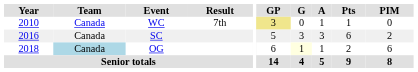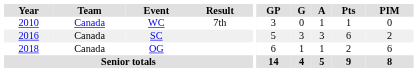 <table border="0" cellpadding="1" cellspacing="0" ID="Table3" style="text-align:center; width:40em">
 <tr ALIGN="center" bgcolor="#e0e0e0">
 <th>Year</th>
 <th>Team</th>
 <th>Event</th>
 <th>Result</th>
 <th rowspan="99" bgcolor="#ffffff"></th>
 <th>GP</th>
 <th>G</th>
 <th>A</th>
 <th>Pts</th>
 <th>PIM</th>
 </tr>
 <tr>
 <td><a href='#'>2010</a></td>
 <td><a href='#'>Canada</a></td>
 <td><a href='#'>WC</a></td>
 <td>7th</td>
-<td style="background: khaki;">3</td>
+<td>3</td>
 <td>0</td>
 <td>1</td>
 <td>1</td>
 <td>0</td>
 </tr>
 <tr bgcolor="#f0f0f0">
 <td><a href='#'>2016</a></td>
 <td>Canada</td>
 <td><a href='#'>SC</a></td>
 <td></td>
 <td>5</td>
 <td>3</td>
 <td>3</td>
 <td>6</td>
 <td>2</td>
 </tr>
 <tr>
 <td><a href='#'>2018</a></td>
-<td style="background: lightblue;">Canada</td>
+<td>Canada</td>
 <td><a href='#'>OG</a></td>
 <td></td>
 <td>6</td>
-<td style="background: lightyellow;">1</td>
+<td>1</td>
 <td>1</td>
 <td>2</td>
 <td>6</td>
 </tr>
 <tr style="background:#e0e0e0;">
 <th colspan="4">Senior totals</th>
 <th>14</th>
 <th>4</th>
 <th>5</th>
 <th>9</th>
 <th>8</th>
 </tr>
 </table>
